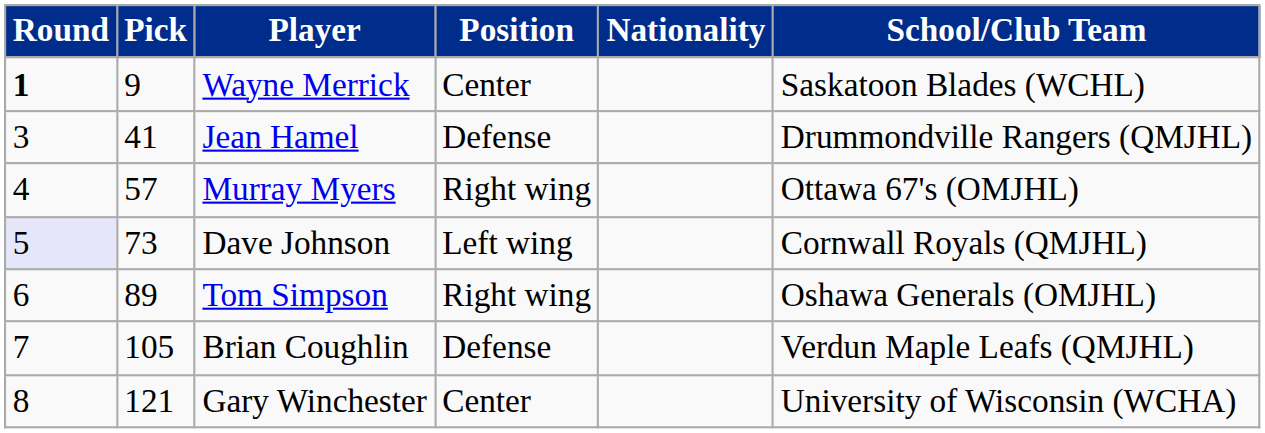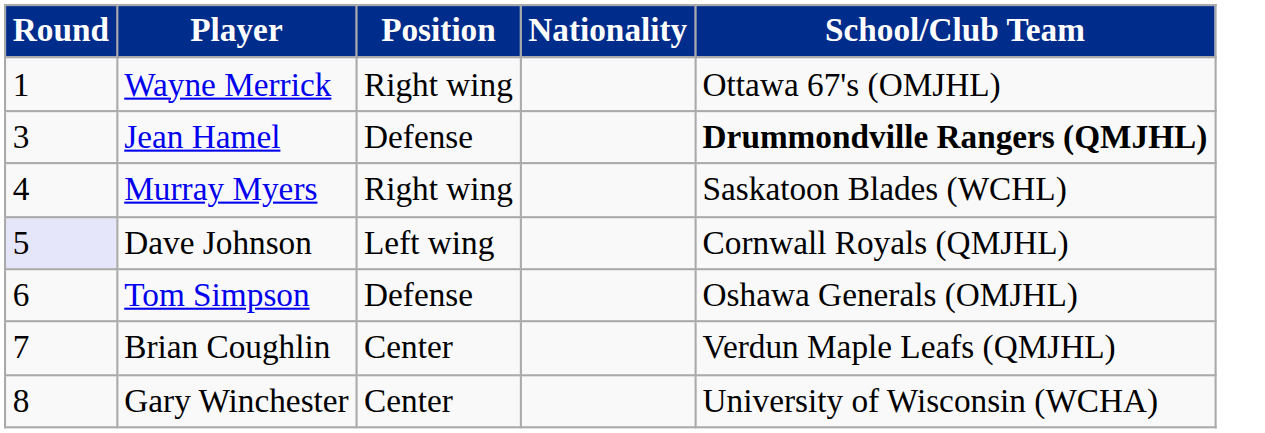 <table class="wikitable sortable sortable">
 <tr>
 <th style="color:white; background:#002c8b; ">Round</th>
-<th style="color:white; background:#002c8b; ">Pick</th>
 <th style="color:white; background:#002c8b; ">Player</th>
 <th style="color:white; background:#002c8b; ">Position</th>
 <th style="color:white; background:#002c8b; ">Nationality</th>
 <th style="color:white; background:#002c8b; ">School/Club Team</th>
 </tr>
 <tr>
-<td><strong>1</strong></td>
-<td>9</td>
+<td>1</td>
 <td><a href='#'>Wayne Merrick</a></td>
-<td>Center</td>
-<td></td>
-<td>Saskatoon Blades (WCHL)</td>
-</tr>
-<tr>
-<td>3</td>
-<td>41</td>
-<td><a href='#'>Jean Hamel</a></td>
-<td>Defense</td>
-<td></td>
-<td>Drummondville Rangers (QMJHL)</td>
-</tr>
-<tr>
-<td>4</td>
-<td>57</td>
-<td><a href='#'>Murray Myers</a></td>
 <td>Right wing</td>
 <td></td>
 <td>Ottawa 67's (OMJHL)</td>
 </tr>
 <tr>
+<td>3</td>
+<td><a href='#'>Jean Hamel</a></td>
+<td>Defense</td>
+<td></td>
+<td><strong>Drummondville Rangers (QMJHL)</strong></td>
+</tr>
+<tr>
+<td>4</td>
+<td><a href='#'>Murray Myers</a></td>
+<td>Right wing</td>
+<td></td>
+<td>Saskatoon Blades (WCHL)</td>
+</tr>
+<tr>
 <td style="background: lavender;">5</td>
-<td>73</td>
 <td>Dave Johnson</td>
 <td>Left wing</td>
 <td></td>
 <td>Cornwall Royals (QMJHL)</td>
 </tr>
 <tr>
 <td>6</td>
-<td>89</td>
 <td><a href='#'>Tom Simpson</a></td>
-<td>Right wing</td>
+<td>Defense</td>
 <td></td>
 <td>Oshawa Generals (OMJHL)</td>
 </tr>
 <tr>
 <td>7</td>
-<td>105</td>
 <td>Brian Coughlin</td>
-<td>Defense</td>
+<td>Center</td>
 <td></td>
 <td>Verdun Maple Leafs (QMJHL)</td>
 </tr>
 <tr>
 <td>8</td>
-<td>121</td>
 <td>Gary Winchester</td>
 <td>Center</td>
 <td></td>
 <td>University of Wisconsin (WCHA)</td>
 </tr>
 </table>
